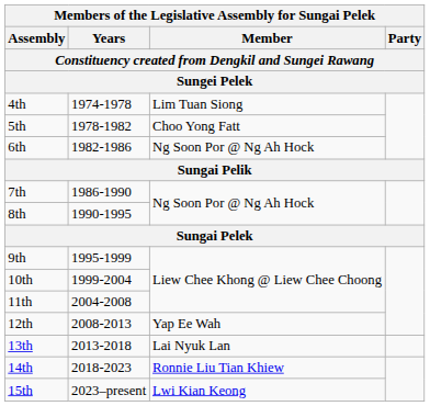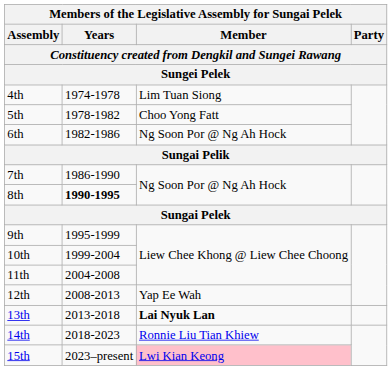 <table class=wikitable>
 <tr>
 <th colspan=4>Members of the Legislative Assembly for Sungai Pelek</th>
 </tr>
 <tr>
 <th>Assembly</th>
 <th>Years</th>
 <th>Member</th>
 <th>Party</th>
 </tr>
 <tr>
 <th colspan=4 align=center><em>Constituency created from Dengkil and Sungei Rawang</em></th>
 </tr>
 <tr>
 <th colspan=4 align=center>Sungei Pelek</th>
 </tr>
 <tr>
 <td>4th</td>
 <td>1974-1978</td>
 <td>Lim Tuan Siong</td>
 <td rowspan=3></td>
 </tr>
 <tr>
 <td>5th</td>
 <td>1978-1982</td>
 <td>Choo Yong Fatt</td>
 </tr>
 <tr>
 <td>6th</td>
 <td>1982-1986</td>
 <td>Ng Soon Por @ Ng Ah Hock</td>
 </tr>
 <tr>
 <th colspan=4 align=center>Sungai Pelik</th>
 </tr>
 <tr>
 <td>7th</td>
 <td>1986-1990</td>
 <td rowspan=2>Ng Soon Por @ Ng Ah Hock</td>
 <td rowspan=2></td>
 </tr>
 <tr>
 <td>8th</td>
-<td>1990-1995</td>
+<td><strong>1990-1995</strong></td>
 </tr>
 <tr>
 <th colspan=4 align=center>Sungai Pelek</th>
 </tr>
 <tr>
 <td>9th</td>
 <td>1995-1999</td>
 <td rowspan=3>Liew Chee Khong @ Liew Chee Choong</td>
 <td rowspan=4></td>
 </tr>
 <tr>
 <td>10th</td>
 <td>1999-2004</td>
 </tr>
 <tr>
 <td>11th</td>
 <td>2004-2008</td>
 </tr>
 <tr>
 <td>12th</td>
 <td>2008-2013</td>
 <td>Yap Ee Wah</td>
 </tr>
 <tr>
 <td><a href='#'>13th</a></td>
 <td>2013-2018</td>
-<td>Lai Nyuk Lan</td>
+<td><strong>Lai Nyuk Lan</strong></td>
 <td></td>
 </tr>
 <tr>
 <td><a href='#'>14th</a></td>
 <td>2018-2023</td>
 <td><a href='#'>Ronnie Liu Tian Khiew</a></td>
 <td rowspan=2></td>
 </tr>
 <tr>
 <td><a href='#'>15th</a></td>
 <td>2023–present</td>
-<td><a href='#'>Lwi Kian Keong</a></td>
+<td style="background: pink;"><a href='#'>Lwi Kian Keong</a></td>
 </tr>
 </table>
